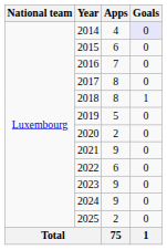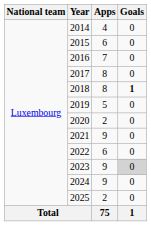 <table class="wikitable" style="text-align:center">
 <tr>
 <th>National team</th>
 <th>Year</th>
 <th>Apps</th>
 <th>Goals</th>
 </tr>
 <tr>
 <td rowspan="12"><a href='#'>Luxembourg</a></td>
 <td>2014</td>
 <td>4</td>
-<td style="background: lavender;">0</td>
+<td>0</td>
 </tr>
 <tr>
 <td>2015</td>
 <td>6</td>
 <td>0</td>
 </tr>
 <tr>
 <td>2016</td>
 <td>7</td>
 <td>0</td>
 </tr>
 <tr>
 <td>2017</td>
 <td>8</td>
 <td>0</td>
 </tr>
 <tr>
 <td>2018</td>
 <td>8</td>
-<td>1</td>
+<td><strong>1</strong></td>
 </tr>
 <tr>
 <td>2019</td>
 <td>5</td>
 <td>0</td>
 </tr>
 <tr>
 <td>2020</td>
 <td>2</td>
 <td>0</td>
 </tr>
 <tr>
 <td>2021</td>
 <td>9</td>
 <td>0</td>
 </tr>
 <tr>
 <td>2022</td>
 <td>6</td>
 <td>0</td>
 </tr>
 <tr>
 <td>2023</td>
 <td>9</td>
-<td>0</td>
+<td style="background: lightgrey;">0</td>
 </tr>
 <tr>
 <td>2024</td>
 <td>9</td>
 <td>0</td>
 </tr>
 <tr>
 <td>2025</td>
 <td>2</td>
 <td>0</td>
 </tr>
 <tr>
 <th colspan="2">Total</th>
 <th>75</th>
 <th>1</th>
 </tr>
 </table>
